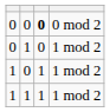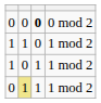 <table class="wikitable" style="margin-left: auto; margin-right: auto; border: none;">
 <tr>
 <th></th>
 <th></th>
 <th></th>
 <th></th>
 </tr>
 <tr>
 <td>0</td>
 <td>0</td>
 <td><strong>0</strong></td>
 <td>0 mod 2</td>
 </tr>
 <tr>
-<td>0</td>
+<td>1</td>
 <td>1</td>
 <td>0</td>
 <td>1 mod 2</td>
 </tr>
 <tr>
 <td>1</td>
 <td>0</td>
 <td>1</td>
 <td>1 mod 2</td>
 </tr>
 <tr>
-<td>1</td>
-<td>1</td>
+<td>0</td>
+<td style="background: khaki;">1</td>
 <td>1</td>
 <td>1 mod 2</td>
 </tr>
 </table>
